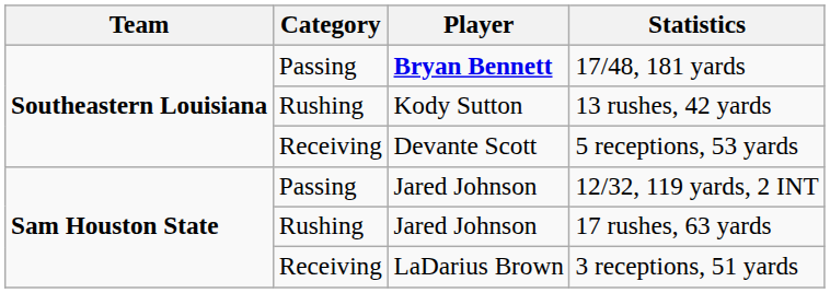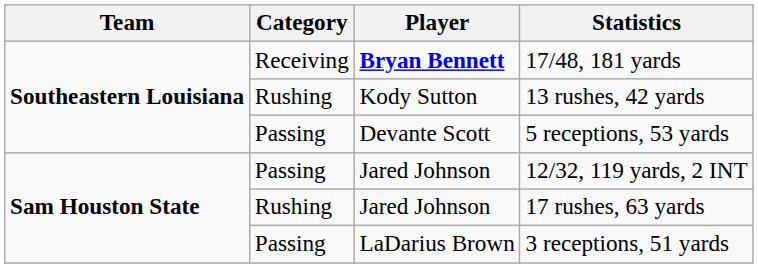 <table class="wikitable" style="float: left;">
 <tr>
 <th>Team</th>
 <th>Category</th>
 <th>Player</th>
 <th>Statistics</th>
 </tr>
 <tr>
 <td rowspan=3><strong>Southeastern Louisiana</strong></td>
-<td>Passing</td>
+<td>Receiving</td>
 <td><strong><a href='#'>Bryan Bennett</a></strong></td>
 <td>17/48, 181 yards</td>
 </tr>
 <tr>
 <td>Rushing</td>
 <td>Kody Sutton</td>
 <td>13 rushes, 42 yards</td>
 </tr>
 <tr>
-<td>Receiving</td>
+<td>Passing</td>
 <td>Devante Scott</td>
 <td>5 receptions, 53 yards</td>
 </tr>
 <tr>
 <td rowspan=3><strong>Sam Houston State</strong></td>
 <td>Passing</td>
 <td>Jared Johnson</td>
 <td>12/32, 119 yards, 2 INT</td>
 </tr>
 <tr>
 <td>Rushing</td>
 <td>Jared Johnson</td>
 <td>17 rushes, 63 yards</td>
 </tr>
 <tr>
-<td>Receiving</td>
+<td>Passing</td>
 <td>LaDarius Brown</td>
 <td>3 receptions, 51 yards</td>
 </tr>
 </table>
